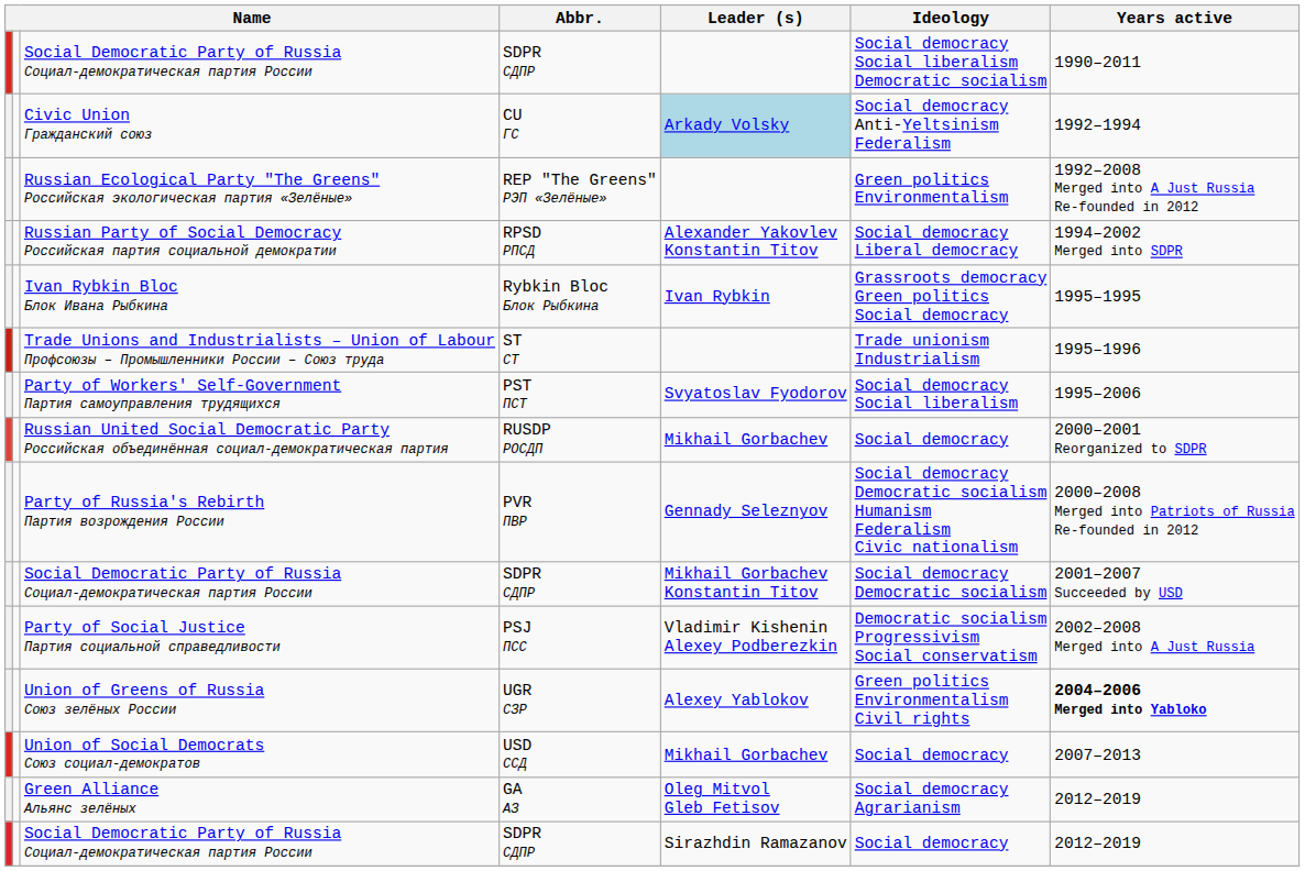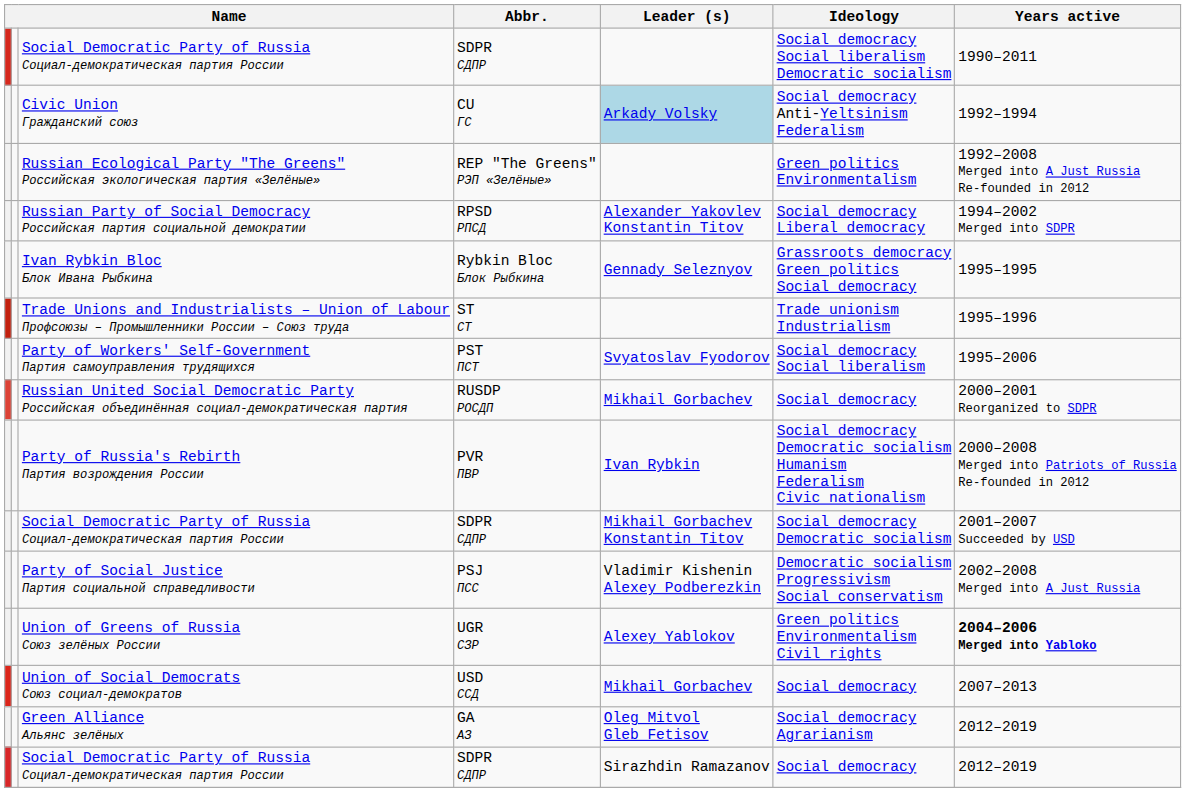 <table class="wikitable sortable">
 <tr>
 <th colspan=3>Name</th>
 <th>Abbr.</th>
 <th>Leader (s)</th>
 <th>Ideology</th>
 <th>Years active</th>
 </tr>
 <tr>
 <th style="background:#D6281D;"></th>
 <td></td>
 <td><a href='#'>Social Democratic Party of Russia</a><br><small><em>Социал-демократическая партия России</em></small></td>
 <td>SDPR<br><small><em>СДПР</em></small></td>
 <td><br><br></td>
 <td><a href='#'>Social democracy</a><br><a href='#'>Social liberalism</a><br><a href='#'>Democratic socialism</a></td>
 <td>1990–2011</td>
 </tr>
 <tr>
 <th style="background:"></th>
 <td></td>
 <td><a href='#'>Civic Union</a><br><small><em>Гражданский союз</em></small></td>
 <td>CU<br><small><em>ГС</em></small></td>
 <td style="background: lightblue;"><a href='#'>Arkady Volsky</a></td>
 <td><a href='#'>Social democracy</a><br>Anti-<a href='#'>Yeltsinism</a><br><a href='#'>Federalism</a></td>
 <td>1992–1994</td>
 </tr>
 <tr>
 <th style="background:"></th>
 <td></td>
 <td><a href='#'>Russian Ecological Party "The Greens"</a><br><small><em>Российская экологическая партия «Зелёные»</em></small></td>
 <td>REP "The Greens"<br><small><em>РЭП «Зелёные»</em></small></td>
 <td><br><br></td>
 <td><a href='#'>Green politics</a><br> <a href='#'>Environmentalism</a></td>
 <td>1992–2008<br><small>Merged into <a href='#'>A Just Russia</a><br>Re-founded in 2012</small></td>
 </tr>
 <tr>
 <th style="background:"></th>
 <td></td>
 <td><a href='#'>Russian Party of Social Democracy</a><br><small><em>Российская партия социальной демократии</em></small></td>
 <td>RPSD<br><small><em>РПСД</em></small></td>
 <td><a href='#'>Alexander Yakovlev</a><br><a href='#'>Konstantin Titov</a></td>
 <td><a href='#'>Social democracy</a><br><a href='#'>Liberal democracy</a></td>
 <td>1994–2002<br><small>Merged into <a href='#'>SDPR</a></small></td>
 </tr>
 <tr>
 <th style="background:"></th>
 <td></td>
 <td><a href='#'>Ivan Rybkin Bloc</a><br><small><em>Блок Ивана Рыбкина</em></small></td>
 <td>Rybkin Bloc<br><small><em>Блок Рыбкина</em></small></td>
-<td><a href='#'>Ivan Rybkin</a></td>
+<td><a href='#'>Gennady Seleznyov</a></td>
 <td><a href='#'>Grassroots democracy</a><br><a href='#'>Green politics</a><br><a href='#'>Social democracy</a></td>
 <td>1995–1995</td>
 </tr>
 <tr>
 <th style="background:#C2210F;"></th>
 <td></td>
 <td><a href='#'>Trade Unions and Industrialists – Union of Labour</a><br><small><em>Профсоюзы – Промышленники России – Союз труда</em></small></td>
 <td>ST<br><small><em>СТ</em></small></td>
 <td></td>
 <td><a href='#'>Trade unionism</a><br><a href='#'>Industrialism</a></td>
 <td>1995–1996</td>
 </tr>
 <tr>
 <th style="background:"></th>
 <td></td>
 <td><a href='#'>Party of Workers' Self-Government</a><br><small><em>Партия самоуправления трудящихся</em></small></td>
 <td>PST<br><small><em>ПСТ</em></small></td>
 <td><a href='#'>Svyatoslav Fyodorov</a></td>
 <td><a href='#'>Social democracy</a><br><a href='#'>Social liberalism</a></td>
 <td>1995–2006</td>
 </tr>
 <tr>
 <th style="background:#DC4236"></th>
 <td></td>
 <td><a href='#'>Russian United Social Democratic Party</a><br><small><em>Российская объединённая социал-демократическая партия</em></small></td>
 <td>RUSDP<br><small><em>РОСДП</em></small></td>
 <td><a href='#'>Mikhail Gorbachev</a></td>
 <td><a href='#'>Social democracy</a></td>
 <td>2000–2001<br><small>Reorganized to <a href='#'>SDPR</a></small></td>
 </tr>
 <tr>
 <th style="background:"></th>
 <td></td>
 <td><a href='#'>Party of Russia's Rebirth</a><br><small><em>Партия возрождения России</em></small></td>
 <td>PVR<br><small><em>ПВР</em></small></td>
-<td><a href='#'>Gennady Seleznyov</a></td>
+<td><a href='#'>Ivan Rybkin</a></td>
 <td><a href='#'>Social democracy</a><br><a href='#'>Democratic socialism</a><br><a href='#'>Humanism</a><br><a href='#'>Federalism</a><br><a href='#'>Civic nationalism</a></td>
 <td>2000–2008<br><small>Merged into <a href='#'>Patriots of Russia</a><br>Re-founded in 2012</small></td>
 </tr>
 <tr>
 <th style="background:"></th>
 <td></td>
 <td><a href='#'>Social Democratic Party of Russia</a><br><small><em>Социал-демократическая партия России</em></small></td>
 <td>SDPR<br><small><em>СДПР</em></small></td>
 <td><a href='#'>Mikhail Gorbachev</a><br><a href='#'>Konstantin Titov</a></td>
 <td><a href='#'>Social democracy</a><br><a href='#'>Democratic socialism</a></td>
 <td>2001–2007<br><small>Succeeded by <a href='#'>USD</a></small></td>
 </tr>
 <tr>
 <th style="background:"></th>
 <td></td>
 <td><a href='#'>Party of Social Justice</a><br><small><em>Партия социальной справедливости</em></small></td>
 <td>PSJ<br><small><em>ПСС</em></small></td>
 <td>Vladimir Kishenin<br><a href='#'>Alexey Podberezkin</a></td>
 <td><a href='#'>Democratic socialism</a><br><a href='#'>Progressivism</a><br><a href='#'>Social conservatism</a></td>
 <td>2002–2008<br><small>Merged into <a href='#'>A Just Russia</a></small></td>
 </tr>
 <tr>
 <th style="background:"></th>
 <td></td>
 <td><a href='#'>Union of Greens of Russia</a><br><small><em>Союз зелёных России</em></small></td>
 <td>UGR<br><small><em>СЗР</em></small></td>
 <td><a href='#'>Alexey Yablokov</a></td>
 <td><a href='#'>Green politics</a><br><a href='#'>Environmentalism</a><br><a href='#'>Civil rights</a></td>
 <td><strong>2004–2006<br><small>Merged into <a href='#'>Yabloko</a></small></strong></td>
 </tr>
 <tr>
 <th style="background:#DB261B;"></th>
 <td></td>
 <td><a href='#'>Union of Social Democrats</a><br><small><em>Союз социал-демократов</em></small></td>
 <td>USD<br><small><em>ССД</em></small></td>
 <td><a href='#'>Mikhail Gorbachev</a></td>
 <td><a href='#'>Social democracy</a></td>
 <td>2007–2013</td>
 </tr>
 <tr>
 <th style="background:"></th>
 <td></td>
 <td><a href='#'>Green Alliance</a><br><small><em>Альянс зелёных</em></small></td>
 <td>GA<br><small><em>АЗ</em></small></td>
 <td><a href='#'>Oleg Mitvol</a><br><a href='#'>Gleb Fetisov</a></td>
 <td><a href='#'>Social democracy</a><br><a href='#'>Agrarianism</a></td>
 <td>2012–2019</td>
 </tr>
 <tr>
 <th style="background:#D82628;"></th>
 <td></td>
 <td><a href='#'>Social Democratic Party of Russia</a><br><small><em>Социал-демократическая партия России</em></small></td>
 <td>SDPR<br><small><em>СДПР</em></small></td>
 <td>Sirazhdin Ramazanov</td>
 <td><a href='#'>Social democracy</a></td>
 <td>2012–2019</td>
 </tr>
 <tr>
 </tr>
 </table>
